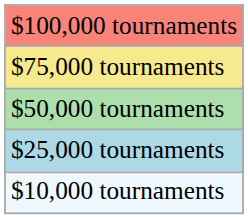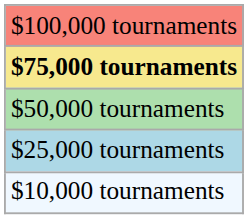 <table class=wikitable style=font-size:85%>
 <tr style="background:#f88379;">
 <td>$100,000 tournaments</td>
 </tr>
 <tr style="background:#f7e98e;">
-<td>$75,000 tournaments</td>
+<td><strong>$75,000 tournaments</strong></td>
 </tr>
 <tr style="background:#addfad;">
 <td>$50,000 tournaments</td>
 </tr>
 <tr style="background:lightblue;">
 <td>$25,000 tournaments</td>
 </tr>
 <tr bgcolor="#f0f8ff">
 <td>$10,000 tournaments</td>
 </tr>
 </table>
